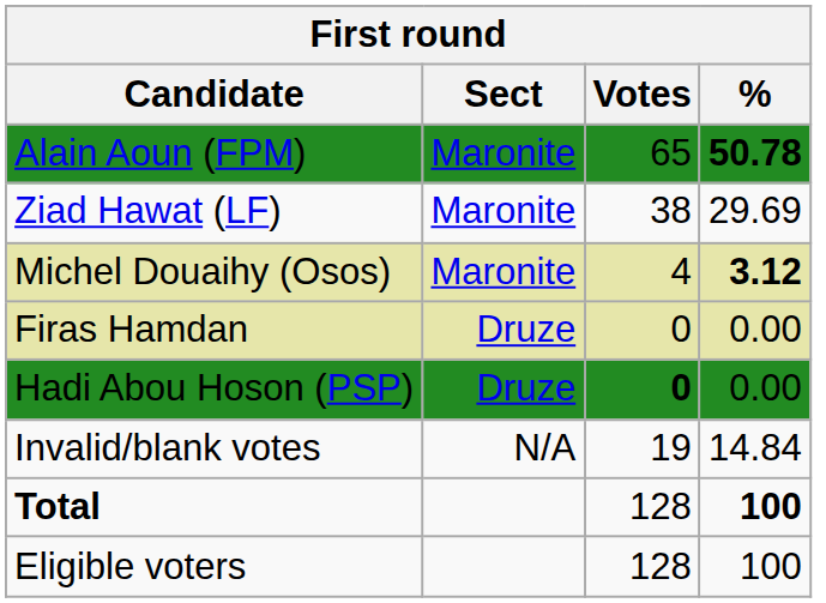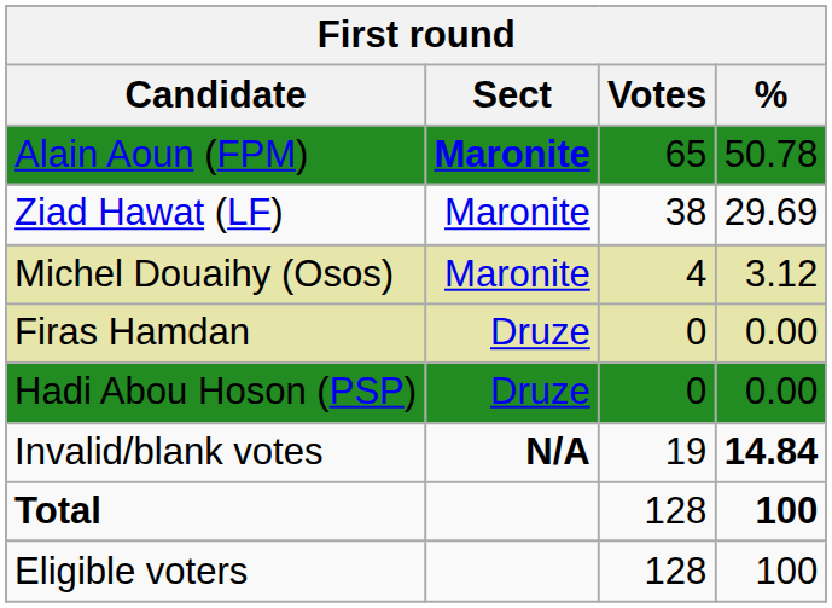 <table class="wikitable" style="text-align:right">
 <tr>
 <th colspan="4">First round</th>
 </tr>
 <tr>
 <th>Candidate</th>
 <th>Sect</th>
 <th>Votes</th>
 <th>%</th>
 </tr>
 <tr style="background-color:ForestGreen">
 <td align="left"><a href='#'>Alain Aoun</a> (<a href='#'>FPM</a>)</td>
-<td><a href='#'>Maronite</a></td>
+<td><strong><a href='#'>Maronite</a></strong></td>
 <td>65</td>
-<td><strong>50.78</strong></td>
+<td>50.78</td>
 </tr>
 <tr>
 <td align="left"><a href='#'>Ziad Hawat</a> (<a href='#'>LF</a>)</td>
 <td><a href='#'>Maronite</a></td>
 <td>38</td>
 <td>29.69</td>
 </tr>
 <tr style="background-color:#E6E6AA">
 <td style="text-align:left;">Michel Douaihy (Osos)</td>
 <td><a href='#'>Maronite</a></td>
 <td>4</td>
-<td><strong>3.12</strong></td>
+<td>3.12</td>
 </tr>
 <tr style="background-color:#E6E6AA">
 <td style="text-align:left;">Firas Hamdan</td>
 <td><a href='#'>Druze</a></td>
 <td>0</td>
 <td>0.00</td>
 </tr>
 <tr style="background-color:ForestGreen">
 <td style="text-align:left;">Hadi Abou Hoson (<a href='#'>PSP</a>)</td>
 <td><a href='#'>Druze</a></td>
-<td><strong>0</strong></td>
+<td>0</td>
 <td>0.00</td>
 </tr>
 <tr>
 <td style="text-align:left;">Invalid/blank votes</td>
-<td>N/A</td>
+<td><strong>N/A</strong></td>
 <td>19</td>
-<td>14.84</td>
+<td><strong>14.84</strong></td>
 </tr>
 <tr>
 <td style="text-align:left;"><strong>Total</strong></td>
 <td></td>
 <td>128</td>
 <td><strong>100</strong></td>
 </tr>
 <tr>
 <td style="text-align:left;">Eligible voters</td>
 <td></td>
 <td>128</td>
 <td>100</td>
 </tr>
 </table>
